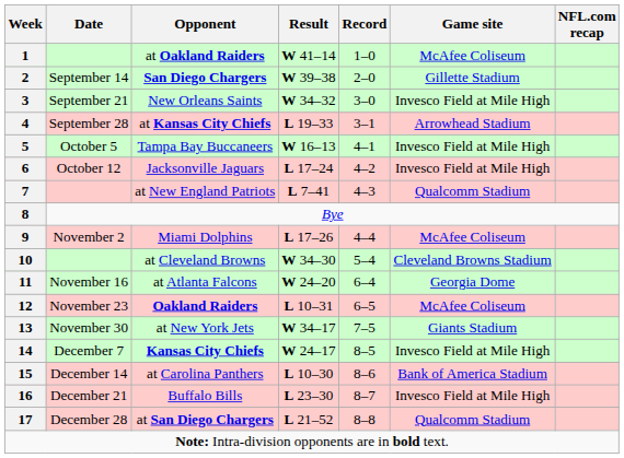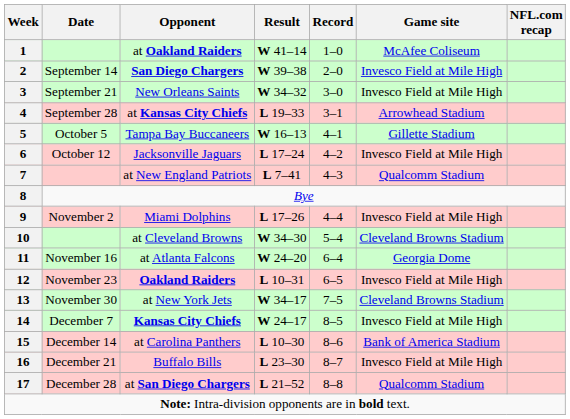 <table class="wikitable" style="text-align:center;">
 <tr>
 <th>Week</th>
 <th>Date</th>
 <th>Opponent</th>
 <th>Result</th>
 <th>Record</th>
 <th>Game site</th>
 <th>NFL.com<br>recap</th>
 </tr>
 <tr style="background:#cfc">
 <th>1</th>
 <td></td>
 <td>at <strong><a href='#'>Oakland Raiders</a></strong></td>
 <td><strong>W</strong> 41–14</td>
 <td>1–0</td>
 <td><a href='#'>McAfee Coliseum</a></td>
 <td></td>
 </tr>
 <tr style="background:#cfc">
 <th>2</th>
 <td>September 14</td>
 <td><strong><a href='#'>San Diego Chargers</a></strong></td>
 <td><strong>W</strong> 39–38</td>
 <td>2–0</td>
-<td><a href='#'>Gillette Stadium</a></td>
+<td><a href='#'>Invesco Field at Mile High</a></td>
 <td></td>
 </tr>
 <tr style="background:#cfc">
 <th>3</th>
 <td>September 21</td>
 <td><a href='#'>New Orleans Saints</a></td>
 <td><strong>W</strong> 34–32</td>
 <td>3–0</td>
 <td>Invesco Field at Mile High</td>
 <td></td>
 </tr>
 <tr style="background:#fcc">
 <th>4</th>
 <td>September 28</td>
 <td>at <strong><a href='#'>Kansas City Chiefs</a></strong></td>
 <td><strong>L</strong> 19–33</td>
 <td>3–1</td>
 <td><a href='#'>Arrowhead Stadium</a></td>
 <td></td>
 </tr>
 <tr style="background:#cfc">
 <th>5</th>
 <td>October 5</td>
 <td><a href='#'>Tampa Bay Buccaneers</a></td>
 <td><strong>W</strong> 16–13</td>
 <td>4–1</td>
-<td>Invesco Field at Mile High</td>
+<td><a href='#'>Gillette Stadium</a></td>
 <td></td>
 </tr>
 <tr style="background:#fcc">
 <th>6</th>
 <td>October 12</td>
 <td><a href='#'>Jacksonville Jaguars</a></td>
 <td><strong>L</strong> 17–24</td>
 <td>4–2</td>
 <td>Invesco Field at Mile High</td>
 <td></td>
 </tr>
 <tr style="background:#fcc">
 <th>7</th>
 <td></td>
 <td>at <a href='#'>New England Patriots</a></td>
 <td><strong>L</strong> 7–41</td>
 <td>4–3</td>
 <td><a href='#'>Qualcomm Stadium</a></td>
 <td></td>
 </tr>
 <tr>
 <th>8</th>
 <td colspan="6"><em><a href='#'>Bye</a></em></td>
 </tr>
 <tr style="background:#fcc">
 <th>9</th>
 <td>November 2</td>
 <td><a href='#'>Miami Dolphins</a></td>
 <td><strong>L</strong> 17–26</td>
 <td>4–4</td>
-<td><a href='#'>McAfee Coliseum</a></td>
+<td>Invesco Field at Mile High</td>
 <td></td>
 </tr>
 <tr style="background:#cfc">
 <th>10</th>
 <td></td>
 <td>at <a href='#'>Cleveland Browns</a></td>
 <td><strong>W</strong> 34–30</td>
 <td>5–4</td>
 <td><a href='#'>Cleveland Browns Stadium</a></td>
 <td></td>
 </tr>
 <tr style="background:#cfc">
 <th>11</th>
 <td>November 16</td>
 <td>at <a href='#'>Atlanta Falcons</a></td>
 <td><strong>W</strong> 24–20</td>
 <td>6–4</td>
 <td><a href='#'>Georgia Dome</a></td>
 <td></td>
 </tr>
 <tr style="background:#fcc">
 <th>12</th>
 <td>November 23</td>
 <td><strong><a href='#'>Oakland Raiders</a></strong></td>
 <td><strong>L</strong> 10–31</td>
 <td>6–5</td>
-<td><a href='#'>McAfee Coliseum</a></td>
+<td>Invesco Field at Mile High</td>
 <td></td>
 </tr>
 <tr style="background:#cfc">
 <th>13</th>
 <td>November 30</td>
 <td>at <a href='#'>New York Jets</a></td>
 <td><strong>W</strong> 34–17</td>
 <td>7–5</td>
-<td><a href='#'>Giants Stadium</a></td>
+<td><a href='#'>Cleveland Browns Stadium</a></td>
 <td></td>
 </tr>
 <tr style="background:#cfc">
 <th>14</th>
 <td>December 7</td>
 <td><strong><a href='#'>Kansas City Chiefs</a></strong></td>
 <td><strong>W</strong> 24–17</td>
 <td>8–5</td>
 <td>Invesco Field at Mile High</td>
 <td></td>
 </tr>
 <tr style="background:#fcc">
 <th>15</th>
 <td>December 14</td>
 <td>at <a href='#'>Carolina Panthers</a></td>
 <td><strong>L</strong> 10–30</td>
 <td>8–6</td>
 <td><a href='#'>Bank of America Stadium</a></td>
 <td></td>
 </tr>
 <tr style="background:#fcc">
 <th>16</th>
 <td>December 21</td>
 <td><a href='#'>Buffalo Bills</a></td>
 <td><strong>L</strong> 23–30</td>
 <td>8–7</td>
 <td>Invesco Field at Mile High</td>
 <td></td>
 </tr>
 <tr style="background:#fcc">
 <th>17</th>
 <td>December 28</td>
 <td>at <strong><a href='#'>San Diego Chargers</a></strong></td>
 <td><strong>L</strong> 21–52</td>
 <td>8–8</td>
 <td><a href='#'>Qualcomm Stadium</a></td>
 <td></td>
 </tr>
 <tr>
 <td colspan="7"><strong>Note:</strong> Intra-division opponents are in <strong>bold</strong> text.</td>
 </tr>
 </table>
